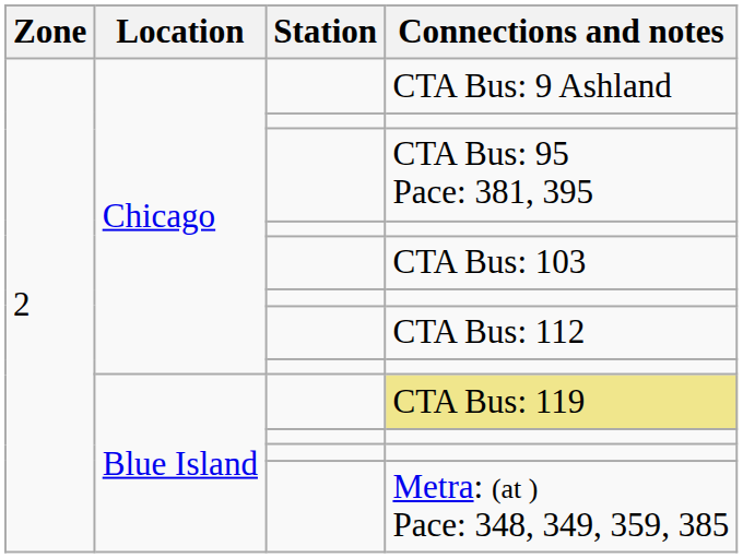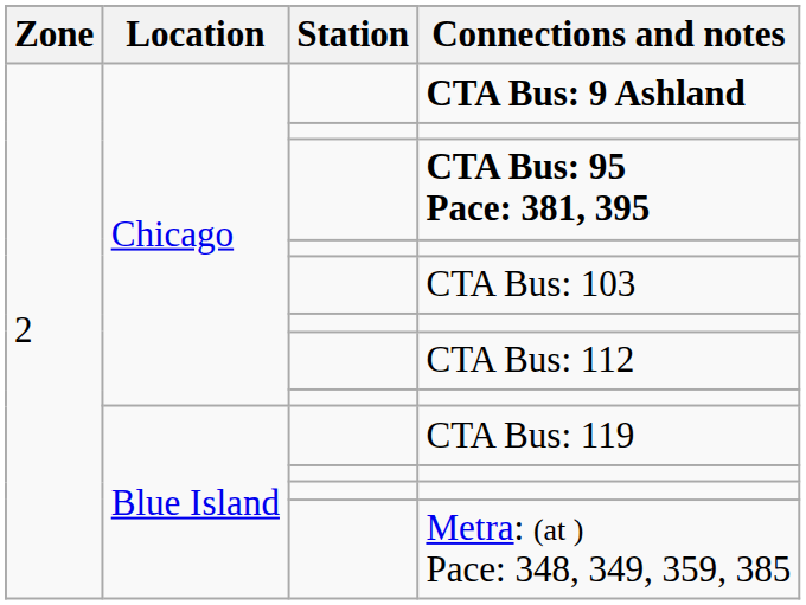 <table class="wikitable">
 <tr>
 <th>Zone</th>
 <th>Location</th>
 <th>Station</th>
 <th>Connections and notes</th>
 </tr>
 <tr>
 <td rowspan=12>2</td>
 <td rowspan=8><a href='#'>Chicago</a></td>
 <td></td>
-<td> CTA Bus: 9 Ashland</td>
+<td><strong> CTA Bus: 9 Ashland</strong></td>
 </tr>
 <tr>
 <td></td>
 <td></td>
 </tr>
 <tr>
 <td></td>
-<td> CTA Bus: 95<br> Pace: 381, 395</td>
+<td><strong> CTA Bus: 95<br> Pace: 381, 395</strong></td>
 </tr>
 <tr>
 <td></td>
 <td></td>
 </tr>
 <tr>
 <td></td>
 <td> CTA Bus: 103</td>
 </tr>
 <tr>
 <td></td>
 <td></td>
 </tr>
 <tr>
 <td></td>
 <td> CTA Bus: 112</td>
 </tr>
 <tr>
 <td></td>
 <td></td>
 </tr>
 <tr>
 <td rowspan=4><a href='#'>Blue Island</a></td>
 <td></td>
-<td style="background: khaki;"> CTA Bus: 119</td>
+<td> CTA Bus: 119</td>
 </tr>
 <tr>
 <td> </td>
 <td></td>
 </tr>
 <tr>
 <td> </td>
 <td></td>
 </tr>
 <tr>
 <td></td>
 <td> <a href='#'>Metra</a>:  <small>(at )</small><br> Pace: 348, 349, 359, 385</td>
 </tr>
 </table>
